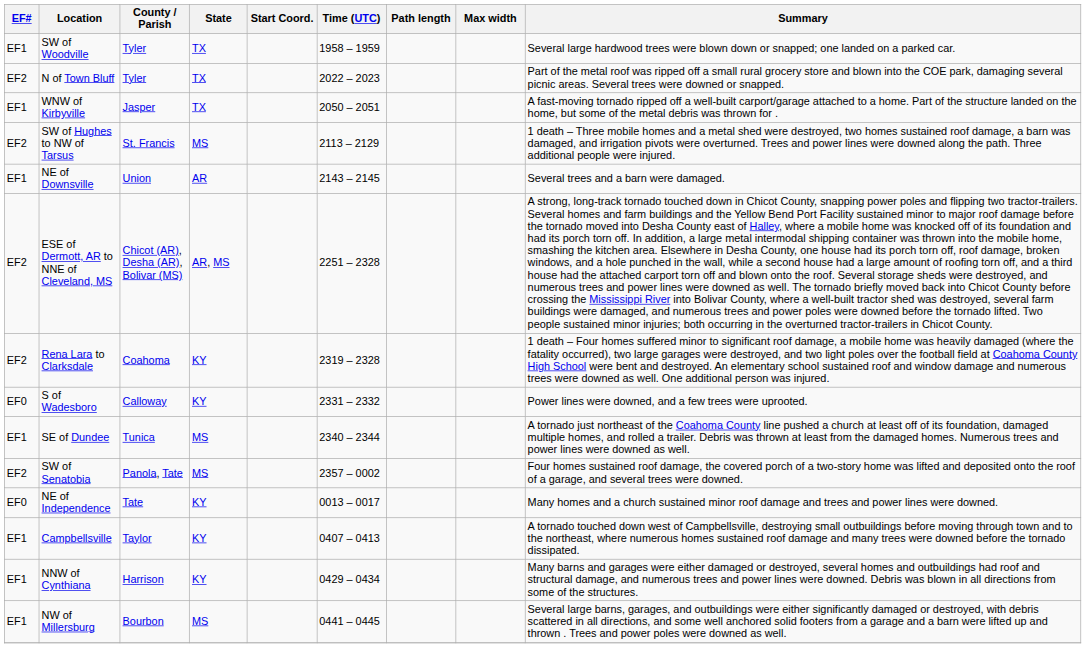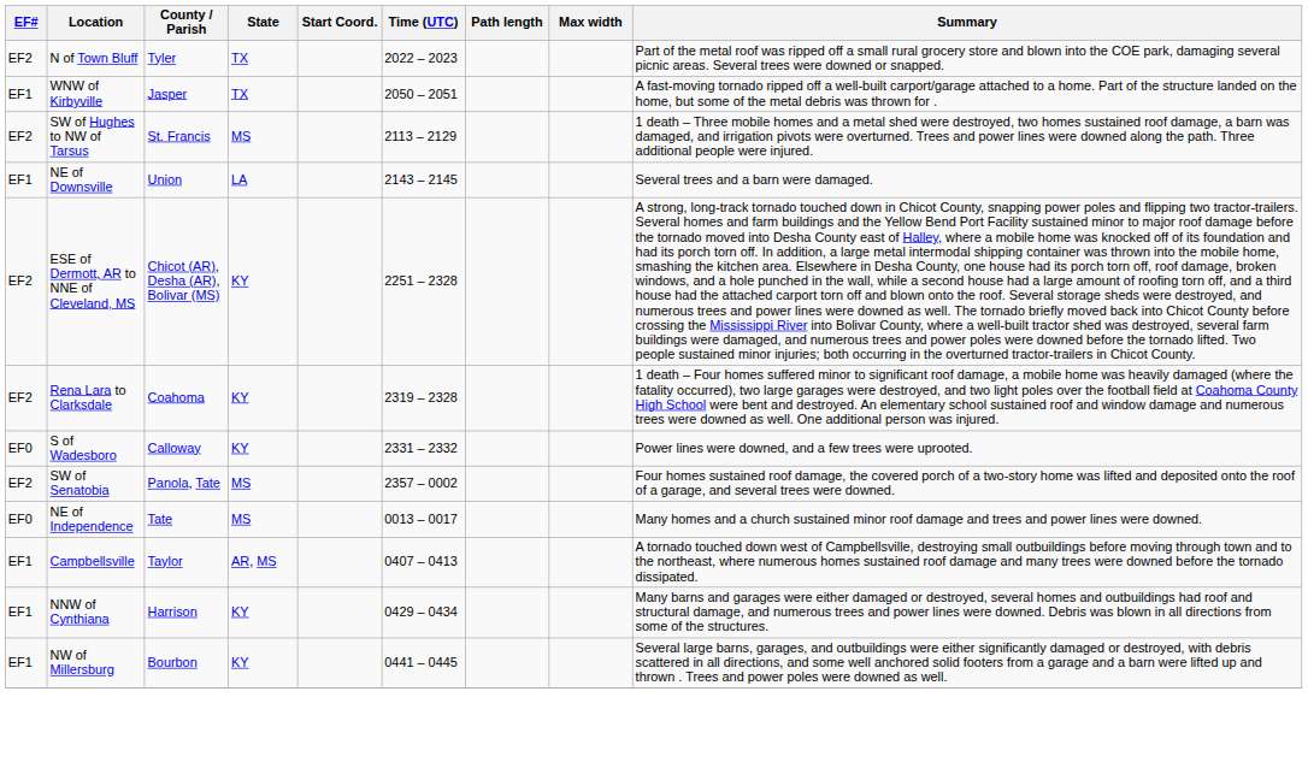 <table class="wikitable sortable" style="width:100%;">
 <tr>
 <th scope="col" width="3%" align="center"><a href='#'>EF#</a></th>
 <th scope="col" width="7%" align="center" class="unsortable">Location</th>
 <th scope="col" width="6%" align="center" class="unsortable">County / Parish</th>
 <th scope="col" width="5%" align="center">State</th>
 <th scope="col" width="6%" align="center">Start Coord.</th>
 <th scope="col" width="6%" align="center">Time (<a href='#'>UTC</a>)</th>
 <th scope="col" width="6%" align="center">Path length</th>
 <th scope="col" width="6%" align="center">Max width</th>
 <th scope="col" width="48%" class="unsortable" align="center">Summary</th>
-</tr>
-<tr>
-<td>EF1</td>
-<td>SW of <a href='#'>Woodville</a></td>
-<td><a href='#'>Tyler</a></td>
-<td><a href='#'>TX</a></td>
-<td></td>
-<td>1958 – 1959</td>
-<td></td>
-<td></td>
-<td>Several large hardwood trees were blown down or snapped; one landed on a parked car.</td>
 </tr>
 <tr>
 <td>EF2</td>
 <td>N of <a href='#'>Town Bluff</a></td>
 <td><a href='#'>Tyler</a></td>
 <td><a href='#'>TX</a></td>
 <td></td>
 <td>2022 – 2023</td>
 <td></td>
 <td></td>
 <td>Part of the metal roof was ripped off a small rural grocery store and blown into the COE park, damaging several picnic areas. Several trees were downed or snapped.</td>
 </tr>
 <tr>
 <td>EF1</td>
 <td>WNW of <a href='#'>Kirbyville</a></td>
 <td><a href='#'>Jasper</a></td>
 <td><a href='#'>TX</a></td>
 <td></td>
 <td>2050 – 2051</td>
 <td></td>
 <td></td>
 <td>A fast-moving tornado ripped off a well-built carport/garage attached to a home. Part of the structure landed on the home, but some of the metal debris was thrown for .</td>
 </tr>
 <tr>
 <td>EF2</td>
 <td>SW of <a href='#'>Hughes</a> to NW of <a href='#'>Tarsus</a></td>
 <td><a href='#'>St. Francis</a></td>
 <td><a href='#'>MS</a></td>
 <td></td>
 <td>2113 – 2129</td>
 <td></td>
 <td></td>
 <td>1 death – Three mobile homes and a metal shed were destroyed, two homes sustained roof damage, a barn was damaged, and irrigation pivots were overturned. Trees and power lines were downed along the path. Three additional people were injured.</td>
 </tr>
 <tr>
 <td>EF1</td>
 <td>NE of <a href='#'>Downsville</a></td>
 <td><a href='#'>Union</a></td>
-<td><a href='#'>AR</a></td>
+<td><a href='#'>LA</a></td>
 <td></td>
 <td>2143 – 2145</td>
 <td></td>
 <td></td>
 <td>Several trees and a barn were damaged.</td>
 </tr>
 <tr>
 <td>EF2</td>
 <td>ESE of <a href='#'>Dermott, AR</a> to NNE of <a href='#'>Cleveland, MS</a></td>
 <td><a href='#'>Chicot (AR)</a>, <a href='#'>Desha (AR)</a>, <a href='#'>Bolivar (MS)</a></td>
-<td><a href='#'>AR</a>, <a href='#'>MS</a></td>
+<td><a href='#'>KY</a></td>
 <td></td>
 <td>2251 – 2328</td>
 <td></td>
 <td></td>
 <td>A strong, long-track tornado touched down in Chicot County, snapping power poles and flipping two tractor-trailers. Several homes and farm buildings and the Yellow Bend Port Facility sustained minor to major roof damage before the tornado moved into Desha County east of <a href='#'>Halley</a>, where a mobile home was knocked off of its foundation and had its porch torn off. In addition, a large metal intermodal shipping container was thrown into the mobile home, smashing the kitchen area. Elsewhere in Desha County, one house had its porch torn off, roof damage, broken windows, and a hole punched in the wall, while a second house had a large amount of roofing torn off, and a third house had the attached carport torn off and blown onto the roof. Several storage sheds were destroyed, and numerous trees and power lines were downed as well. The tornado briefly moved back into Chicot County before crossing the <a href='#'>Mississippi River</a> into Bolivar County, where a well-built tractor shed was destroyed, several farm buildings were damaged, and numerous trees and power poles were downed before the tornado lifted. Two people sustained minor injuries; both occurring in the overturned tractor-trailers in Chicot County.</td>
 </tr>
 <tr>
 <td>EF2</td>
 <td><a href='#'>Rena Lara</a> to <a href='#'>Clarksdale</a></td>
 <td><a href='#'>Coahoma</a></td>
 <td><a href='#'>KY</a></td>
 <td></td>
 <td>2319 – 2328</td>
 <td></td>
 <td></td>
 <td>1 death – Four homes suffered minor to significant roof damage, a mobile home was heavily damaged (where the fatality occurred), two large garages were destroyed, and two light poles over the football field at <a href='#'>Coahoma County High School</a> were bent and destroyed. An elementary school sustained roof and window damage and numerous trees were downed as well. One additional person was injured.</td>
 </tr>
 <tr>
 <td>EF0</td>
 <td>S of <a href='#'>Wadesboro</a></td>
 <td><a href='#'>Calloway</a></td>
 <td><a href='#'>KY</a></td>
 <td></td>
 <td>2331 – 2332</td>
 <td></td>
 <td></td>
 <td>Power lines were downed, and a few trees were uprooted.</td>
 </tr>
 <tr>
-<td>EF1</td>
-<td>SE of <a href='#'>Dundee</a></td>
-<td><a href='#'>Tunica</a></td>
-<td><a href='#'>MS</a></td>
-<td></td>
-<td>2340 – 2344</td>
-<td></td>
-<td></td>
-<td>A tornado just northeast of the <a href='#'>Coahoma County</a> line pushed a church at least  off of its foundation, damaged multiple homes, and rolled a trailer. Debris was thrown at least  from the damaged homes. Numerous trees and power lines were downed as well.</td>
-</tr>
-<tr>
 <td>EF2</td>
 <td>SW of <a href='#'>Senatobia</a></td>
 <td><a href='#'>Panola</a>, <a href='#'>Tate</a></td>
 <td><a href='#'>MS</a></td>
 <td></td>
 <td>2357 – 0002</td>
 <td></td>
 <td></td>
 <td>Four homes sustained roof damage, the covered porch of a two-story home was lifted and deposited onto the roof of a garage, and several trees were downed.</td>
 </tr>
 <tr>
 <td>EF0</td>
 <td>NE of <a href='#'>Independence</a></td>
 <td><a href='#'>Tate</a></td>
-<td><a href='#'>KY</a></td>
+<td><a href='#'>MS</a></td>
 <td></td>
 <td>0013 – 0017</td>
 <td></td>
 <td></td>
 <td>Many homes and a church sustained minor roof damage and trees and power lines were downed.</td>
 </tr>
 <tr>
 <td>EF1</td>
 <td><a href='#'>Campbellsville</a></td>
 <td><a href='#'>Taylor</a></td>
-<td><a href='#'>KY</a></td>
+<td><a href='#'>AR</a>, <a href='#'>MS</a></td>
 <td></td>
 <td>0407 – 0413</td>
 <td></td>
 <td></td>
 <td>A tornado touched down west of Campbellsville, destroying small outbuildings before moving through town and to the northeast, where numerous homes sustained roof damage and many trees were downed before the tornado dissipated.</td>
 </tr>
 <tr>
 <td>EF1</td>
 <td>NNW of <a href='#'>Cynthiana</a></td>
 <td><a href='#'>Harrison</a></td>
 <td><a href='#'>KY</a></td>
 <td></td>
 <td>0429 – 0434</td>
 <td></td>
 <td></td>
 <td>Many barns and garages were either damaged or destroyed, several homes and outbuildings had roof and structural damage, and numerous trees and power lines were downed. Debris was blown in all directions from some of the structures.</td>
 </tr>
 <tr>
 <td>EF1</td>
 <td>NW of <a href='#'>Millersburg</a></td>
 <td><a href='#'>Bourbon</a></td>
-<td><a href='#'>MS</a></td>
+<td><a href='#'>KY</a></td>
 <td></td>
 <td>0441 – 0445</td>
 <td></td>
 <td></td>
 <td>Several large barns, garages, and outbuildings were either significantly damaged or destroyed, with debris scattered in all directions, and some well anchored solid footers from a garage and a barn were lifted up and thrown . Trees and power poles were downed as well.</td>
 </tr>
 <tr>
 </tr>
 </table>
